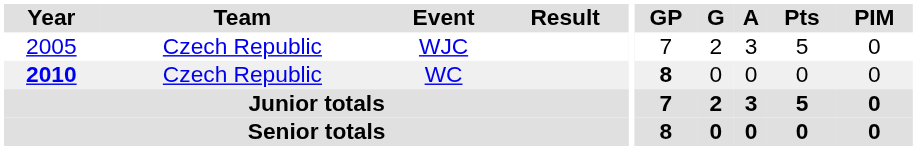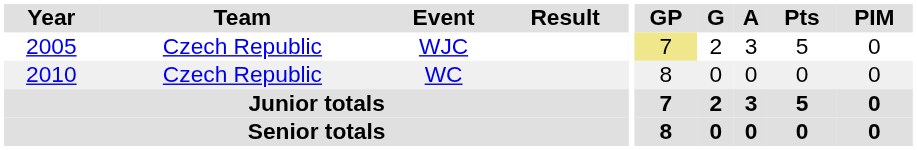 <table border="0" cellpadding="1" cellspacing="0" ID="Table3" style="text-align:center; width:40em">
 <tr ALIGN="center" bgcolor="#e0e0e0">
 <th>Year</th>
 <th>Team</th>
 <th>Event</th>
 <th>Result</th>
 <th rowspan="99" bgcolor="#ffffff"></th>
 <th>GP</th>
 <th>G</th>
 <th>A</th>
 <th>Pts</th>
 <th>PIM</th>
 </tr>
 <tr>
 <td><a href='#'>2005</a></td>
 <td><a href='#'>Czech Republic</a></td>
 <td><a href='#'>WJC</a></td>
 <td></td>
-<td>7</td>
+<td style="background: khaki;">7</td>
 <td>2</td>
 <td>3</td>
 <td>5</td>
 <td>0</td>
 </tr>
 <tr bgcolor="#f0f0f0">
-<td><strong><a href='#'>2010</a></strong></td>
+<td><a href='#'>2010</a></td>
 <td><a href='#'>Czech Republic</a></td>
 <td><a href='#'>WC</a></td>
 <td></td>
-<td><strong>8</strong></td>
+<td>8</td>
 <td>0</td>
 <td>0</td>
 <td>0</td>
 <td>0</td>
 </tr>
 <tr bgcolor="#e0e0e0">
 <th colspan="4">Junior totals</th>
 <th>7</th>
 <th>2</th>
 <th>3</th>
 <th>5</th>
 <th>0</th>
 </tr>
 <tr bgcolor="#e0e0e0">
 <th colspan="4">Senior totals</th>
 <th>8</th>
 <th>0</th>
 <th>0</th>
 <th>0</th>
 <th>0</th>
 </tr>
 </table>
